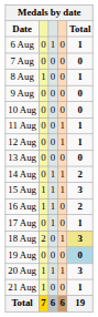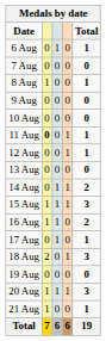 <table class="wikitable" style="font-size:85%; float:right">
 <tr bgcolor="#efefef">
 <th colspan=6>Medals by date</th>
 </tr>
 <tr align=center>
 <td><strong>Date</strong></td>
 <td bgcolor=#f7f6a8></td>
 <td bgcolor=#dce5e5></td>
 <td bgcolor=#ffdab9></td>
 <td><strong>Total</strong></td>
 </tr>
 <tr align=center>
 <td>6 Aug</td>
 <td style="background:#F7F6A8;">0</td>
 <td style="background:#DCE5E5;">1</td>
 <td style="background:#FFDAB9;">0</td>
 <td><strong>1</strong></td>
 </tr>
 <tr align=center>
 <td>7 Aug</td>
 <td style="background:#F7F6A8;">0</td>
 <td style="background:#DCE5E5;">0</td>
 <td style="background:#FFDAB9;">0</td>
 <td><strong>0</strong></td>
 </tr>
 <tr align=center>
 <td>8 Aug</td>
 <td style="background:#F7F6A8;">1</td>
 <td style="background:#DCE5E5;">0</td>
 <td style="background:#FFDAB9;">0</td>
 <td><strong>1</strong></td>
 </tr>
 <tr align=center>
 <td>9 Aug</td>
 <td style="background:#F7F6A8;">0</td>
 <td style="background:#DCE5E5;">0</td>
 <td style="background:#FFDAB9;">0</td>
 <td><strong>0</strong></td>
 </tr>
 <tr align=center>
 <td>10 Aug</td>
 <td style="background:#F7F6A8;">0</td>
 <td style="background:#DCE5E5;">0</td>
 <td style="background:#FFDAB9;">0</td>
 <td><strong>0</strong></td>
 </tr>
 <tr align=center>
 <td>11 Aug</td>
-<td style="background:#F7F6A8;">0</td>
+<td style="background:#F7F6A8;"><strong>0</strong></td>
 <td style="background:#DCE5E5;">0</td>
 <td style="background:#FFDAB9;">1</td>
 <td><strong>1</strong></td>
 </tr>
 <tr align=center>
 <td>12 Aug</td>
 <td style="background:#F7F6A8;">0</td>
 <td style="background:#DCE5E5;">0</td>
 <td style="background:#FFDAB9;">1</td>
 <td><strong>1</strong></td>
 </tr>
 <tr align=center>
 <td>13 Aug</td>
 <td style="background:#F7F6A8;">0</td>
 <td style="background:#DCE5E5;">0</td>
 <td style="background:#FFDAB9;">0</td>
 <td><strong>0</strong></td>
 </tr>
 <tr align=center>
 <td>14 Aug</td>
 <td style="background:#F7F6A8;">0</td>
 <td style="background:#DCE5E5;">1</td>
 <td style="background:#FFDAB9;">1</td>
 <td><strong>2</strong></td>
 </tr>
 <tr align=center>
 <td>15 Aug</td>
 <td style="background:#F7F6A8;">1</td>
 <td style="background:#DCE5E5;">1</td>
 <td style="background:#FFDAB9;">1</td>
 <td><strong>3</strong></td>
 </tr>
 <tr align=center>
 <td>16 Aug</td>
 <td style="background:#F7F6A8;">1</td>
 <td style="background:#DCE5E5;">1</td>
 <td style="background:#FFDAB9;">0</td>
 <td><strong>2</strong></td>
 </tr>
 <tr align=center>
 <td>17 Aug</td>
 <td style="background:#F7F6A8;">0</td>
 <td style="background:#DCE5E5;">1</td>
 <td style="background:#FFDAB9;">0</td>
 <td><strong>1</strong></td>
 </tr>
 <tr align=center>
 <td>18 Aug</td>
 <td style="background:#F7F6A8;">2</td>
 <td style="background:#DCE5E5;">0</td>
 <td style="background:#FFDAB9;">1</td>
-<td style="background: khaki;"><strong>3</strong></td>
+<td><strong>3</strong></td>
 </tr>
 <tr align=center>
 <td>19 Aug</td>
 <td style="background:#F7F6A8;">0</td>
 <td style="background:#DCE5E5;">0</td>
 <td style="background:#FFDAB9;">0</td>
-<td style="background: lightblue;"><strong>0</strong></td>
+<td><strong>0</strong></td>
 </tr>
 <tr align=center>
 <td>20 Aug</td>
 <td style="background:#F7F6A8;">1</td>
 <td style="background:#DCE5E5;">1</td>
 <td style="background:#FFDAB9;">1</td>
 <td><strong>3</strong></td>
 </tr>
 <tr align=center>
 <td>21 Aug</td>
 <td style="background:#F7F6A8;">1</td>
 <td style="background:#DCE5E5;">0</td>
 <td style="background:#FFDAB9;">0</td>
 <td><strong>1</strong></td>
 </tr>
 <tr align=center>
 <th>Total</th>
 <th style="background:gold;">7</th>
 <th style="background:silver;">6</th>
 <th style="background:#c96;">6</th>
 <th>19</th>
 </tr>
 </table>
